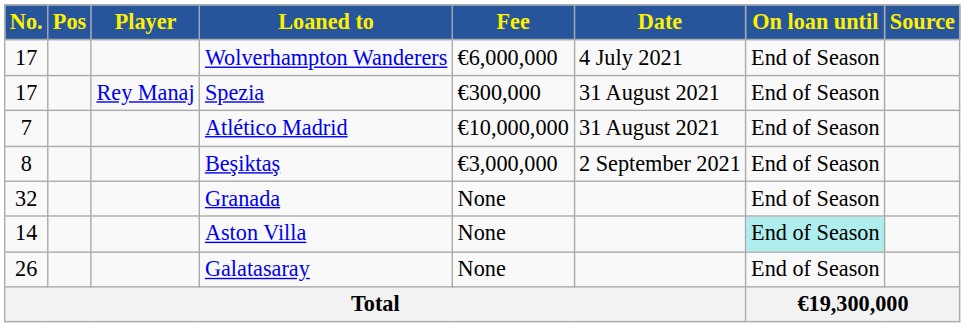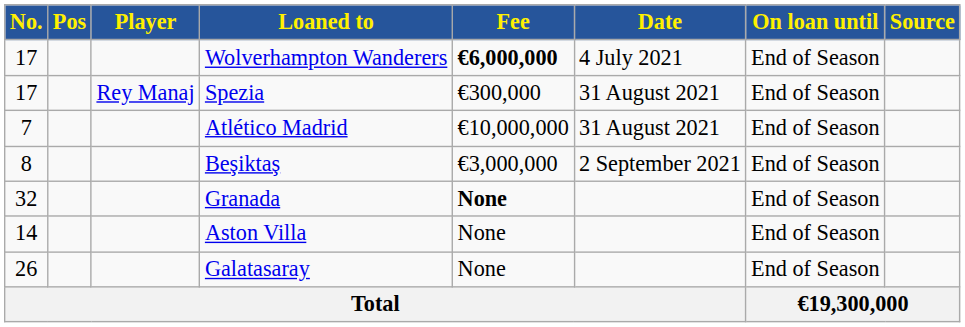 <table class="wikitable plainrowheaders sortable">
 <tr>
 <th style="background:#26559B; color:#FFF000; ">No.</th>
 <th style="background:#26559B; color:#FFF000; ">Pos</th>
 <th style="background:#26559B; color:#FFF000; ">Player</th>
 <th style="background:#26559B; color:#FFF000; ">Loaned to</th>
 <th style="background:#26559B; color:#FFF000; ">Fee</th>
 <th style="background:#26559B; color:#FFF000; ">Date</th>
 <th style="background:#26559B; color:#FFF000; ">On loan until</th>
 <th style="background:#26559B; color:#FFF000; ">Source</th>
 </tr>
 <tr>
 <td align=center>17</td>
 <td align=center></td>
 <td></td>
 <td> <a href='#'>Wolverhampton Wanderers</a></td>
-<td>€6,000,000</td>
+<td><strong>€6,000,000</strong></td>
 <td>4 July 2021</td>
 <td>End of Season</td>
 <td></td>
 </tr>
 <tr>
 <td align=center>17</td>
 <td align=center></td>
 <td> <a href='#'>Rey Manaj</a></td>
 <td> <a href='#'>Spezia</a></td>
 <td>€300,000</td>
 <td>31 August 2021</td>
 <td>End of Season</td>
 <td></td>
 </tr>
 <tr>
 <td align=center>7</td>
 <td align=center></td>
 <td></td>
 <td><a href='#'>Atlético Madrid</a></td>
 <td>€10,000,000</td>
 <td>31 August 2021</td>
 <td>End of Season</td>
 <td></td>
 </tr>
 <tr>
 <td align=center>8</td>
 <td align=center></td>
 <td></td>
 <td> <a href='#'>Beşiktaş</a></td>
 <td>€3,000,000</td>
 <td>2 September 2021</td>
 <td>End of Season</td>
 <td></td>
 </tr>
 <tr>
 <td align=center>32</td>
 <td align=center></td>
 <td></td>
 <td><a href='#'>Granada</a></td>
-<td>None</td>
+<td><strong>None</strong></td>
 <td></td>
 <td>End of Season</td>
 <td></td>
 </tr>
 <tr>
 <td align=center>14</td>
 <td align=center></td>
 <td></td>
 <td> <a href='#'>Aston Villa</a></td>
 <td>None</td>
 <td></td>
-<td style="background: paleturquoise;">End of Season</td>
+<td>End of Season</td>
 <td></td>
 </tr>
 <tr>
 <td align=center>26</td>
 <td align=center></td>
 <td></td>
 <td> <a href='#'>Galatasaray</a></td>
 <td>None</td>
 <td></td>
 <td>End of Season</td>
 <td></td>
 </tr>
 <tr>
 <th colspan="6">Total</th>
 <th colspan="2">€19,300,000</th>
 </tr>
 </table>
